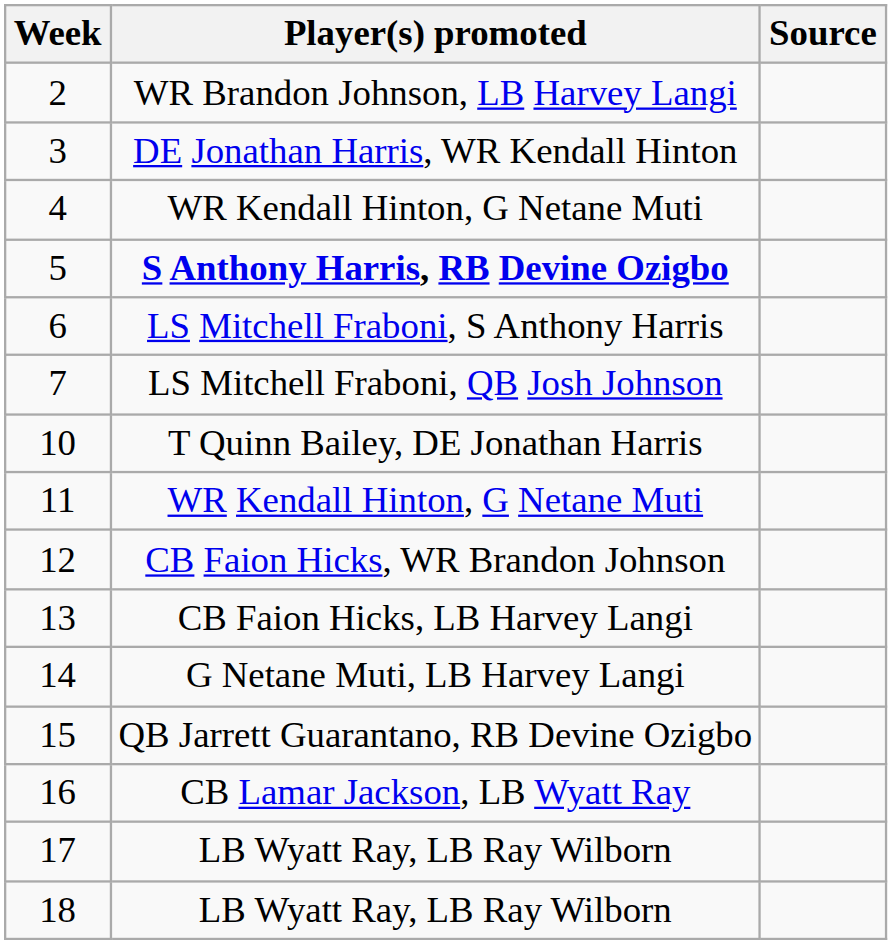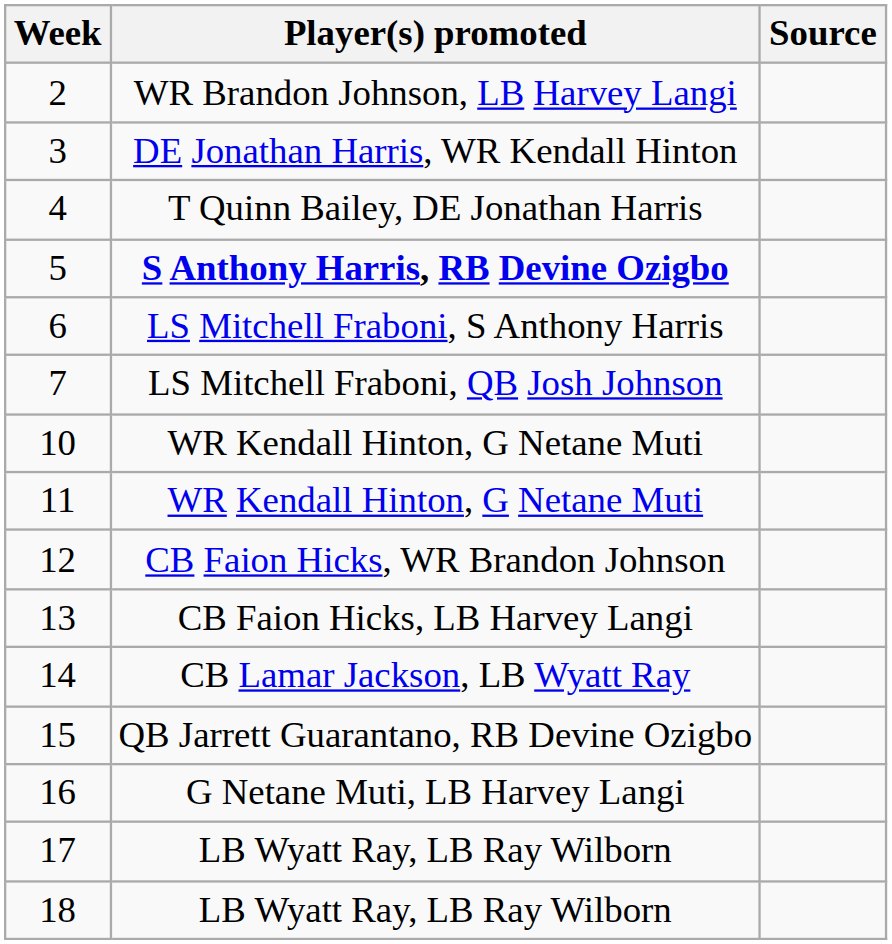 <table class="wikitable" style="text-align:center">
 <tr>
 <th>Week</th>
 <th>Player(s) promoted</th>
 <th>Source</th>
 </tr>
 <tr>
 <td>2</td>
 <td>WR Brandon Johnson, <a href='#'>LB</a> <a href='#'>Harvey Langi</a></td>
 <td></td>
 </tr>
 <tr>
 <td>3</td>
 <td><a href='#'>DE</a> <a href='#'>Jonathan Harris</a>, WR Kendall Hinton</td>
 <td></td>
 </tr>
 <tr>
 <td>4</td>
-<td>WR Kendall Hinton, G Netane Muti</td>
+<td>T Quinn Bailey, DE Jonathan Harris</td>
 <td></td>
 </tr>
 <tr>
 <td>5</td>
 <td><strong><a href='#'>S</a> <a href='#'>Anthony Harris</a>, <a href='#'>RB</a> <a href='#'>Devine Ozigbo</a></strong></td>
 <td></td>
 </tr>
 <tr>
 <td>6</td>
 <td><a href='#'>LS</a> <a href='#'>Mitchell Fraboni</a>, S Anthony Harris</td>
 <td></td>
 </tr>
 <tr>
 <td>7</td>
 <td>LS Mitchell Fraboni, <a href='#'>QB</a> <a href='#'>Josh Johnson</a></td>
 <td></td>
 </tr>
 <tr>
 <td>10</td>
-<td>T Quinn Bailey, DE Jonathan Harris</td>
+<td>WR Kendall Hinton, G Netane Muti</td>
 <td></td>
 </tr>
 <tr>
 <td>11</td>
 <td><a href='#'>WR</a> <a href='#'>Kendall Hinton</a>, <a href='#'>G</a> <a href='#'>Netane Muti</a></td>
 <td></td>
 </tr>
 <tr>
 <td>12</td>
 <td><a href='#'>CB</a> <a href='#'>Faion Hicks</a>, WR Brandon Johnson</td>
 <td></td>
 </tr>
 <tr>
 <td>13</td>
 <td>CB Faion Hicks, LB Harvey Langi</td>
 <td></td>
 </tr>
 <tr>
 <td>14</td>
-<td>G Netane Muti, LB Harvey Langi</td>
+<td>CB <a href='#'>Lamar Jackson</a>, LB <a href='#'>Wyatt Ray</a></td>
 <td></td>
 </tr>
 <tr>
 <td>15</td>
 <td>QB Jarrett Guarantano, RB Devine Ozigbo</td>
 <td></td>
 </tr>
 <tr>
 <td>16</td>
-<td>CB <a href='#'>Lamar Jackson</a>, LB <a href='#'>Wyatt Ray</a></td>
+<td>G Netane Muti, LB Harvey Langi</td>
 <td></td>
 </tr>
 <tr>
 <td>17</td>
 <td>LB Wyatt Ray, LB Ray Wilborn</td>
 <td></td>
 </tr>
 <tr>
 <td>18</td>
 <td>LB Wyatt Ray, LB Ray Wilborn</td>
 <td></td>
 </tr>
 </table>
